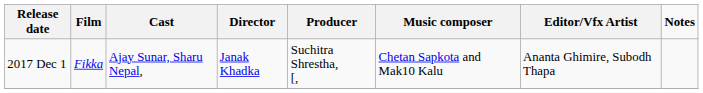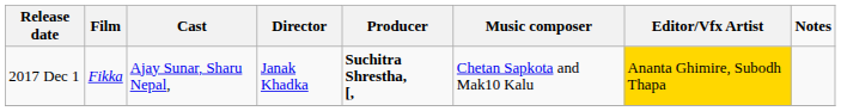 <table class="wikitable sortable">
 <tr>
 <th>Release date</th>
 <th>Film</th>
 <th>Cast</th>
 <th>Director</th>
 <th>Producer</th>
 <th>Music composer</th>
 <th>Editor/Vfx Artist</th>
 <td><strong>Notes</strong></td>
 </tr>
 <tr>
 <td>2017 Dec 1</td>
 <td><em><a href='#'>Fikka</a></em></td>
 <td><a href='#'>Ajay Sunar, Sharu Nepal</a>,</td>
 <td><a href='#'>Janak Khadka</a></td>
-<td>Suchitra Shrestha,<br>[,</td>
+<td><strong>Suchitra Shrestha,<br>[,</strong></td>
 <td><a href='#'>Chetan Sapkota</a> and Mak10 Kalu</td>
-<td>Ananta Ghimire, Subodh Thapa</td>
+<td style="background: gold;">Ananta Ghimire, Subodh Thapa</td>
 <td></td>
 </tr>
 <tr>
 </tr>
 </table>
